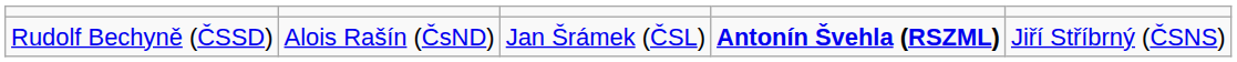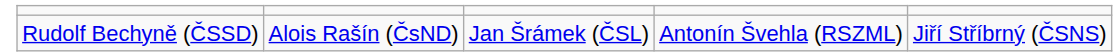 <table class="wikitable" style="text-align:left; float:right; margin-right:9px; margin-left:2px;">
 <tr>
 <td style="text-align:left;"></td>
 <td style="text-align:left;"></td>
 <td style="text-align:left;"></td>
 <td style="text-align:left;"></td>
 <td style="text-align:left;"></td>
 </tr>
 <tr>
 <td style="text-align:center;"><a href='#'>Rudolf Bechyně</a> (<a href='#'>ČSSD</a>)</td>
 <td style="text-align:center;"><a href='#'>Alois Rašín</a> (<a href='#'>ČsND</a>)</td>
 <td style="text-align:center;"><a href='#'>Jan Šrámek</a> (<a href='#'>ČSL</a>)</td>
-<td style="text-align:center;"><strong><a href='#'>Antonín Švehla</a> (<a href='#'>RSZML</a>)</strong></td>
+<td style="text-align:center;"><a href='#'>Antonín Švehla</a> (<a href='#'>RSZML</a>)</td>
 <td style="text-align:center;"><a href='#'>Jiří Stříbrný</a> (<a href='#'>ČSNS</a>)</td>
 </tr>
 </table>
